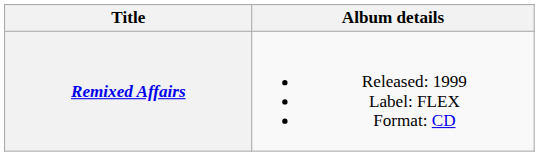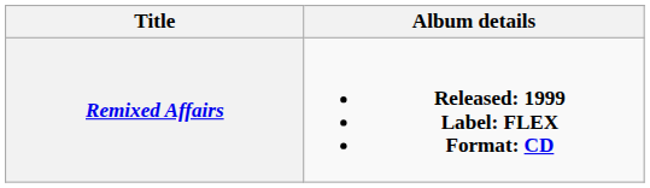 <table class="wikitable plainrowheaders" style="text-align:center;" border="1">
 <tr>
 <th scope="col" rowspan="1" style="width:14em;">Title</th>
 <th scope="col" rowspan="1" style="width:16em;">Album details</th>
 </tr>
 <tr>
 <th scope="row"><em><a href='#'>Remixed Affairs</a></em></th>
-<td><br><ul><li>Released: 1999</li><li>Label: FLEX</li><li>Format: <a href='#'>CD</a></li></ul></td>
+<td><strong><br><ul><li>Released: 1999</li><li>Label: FLEX</li><li>Format: <a href='#'>CD</a></li></ul></strong></td>
 </tr>
 </table>
